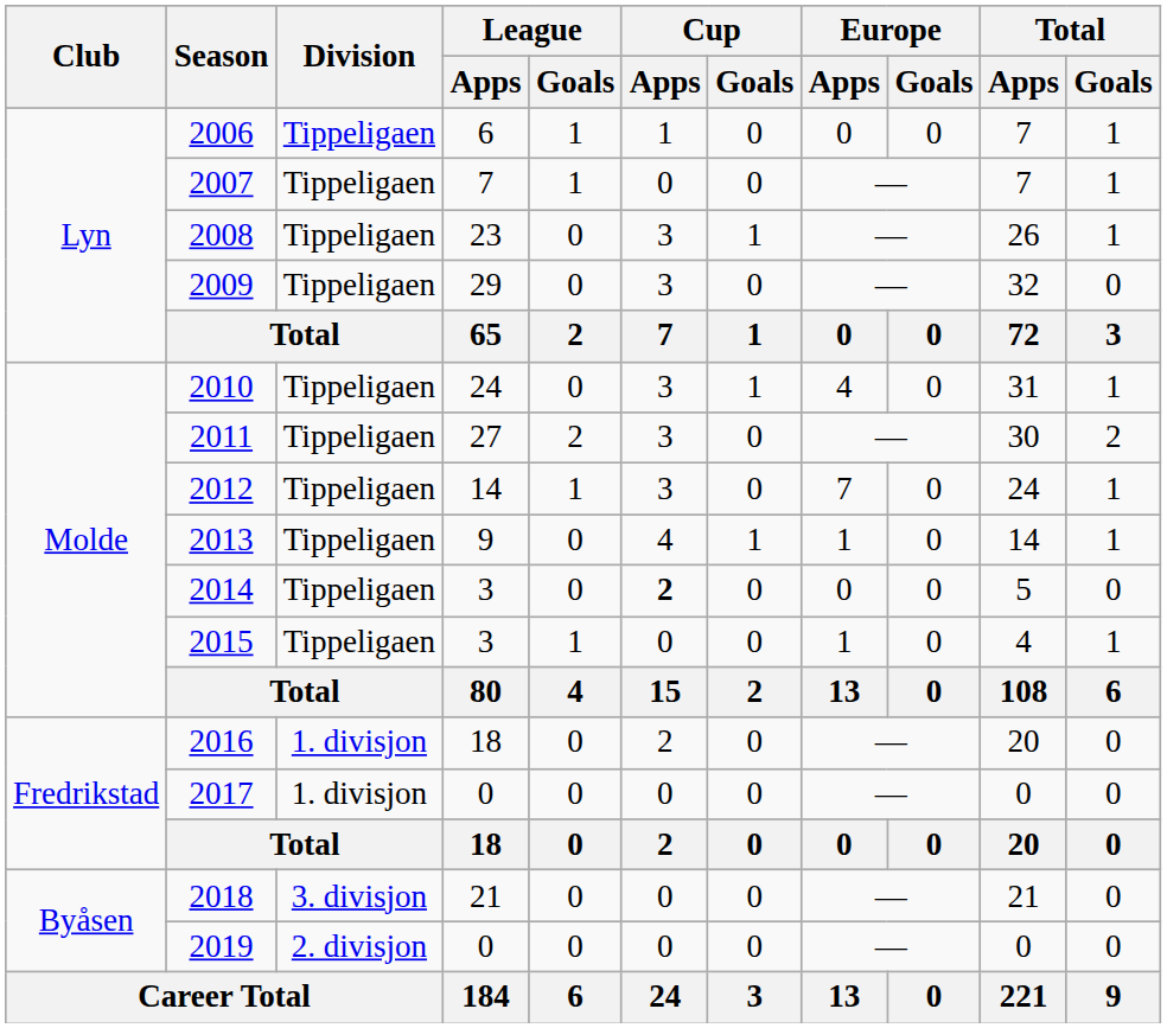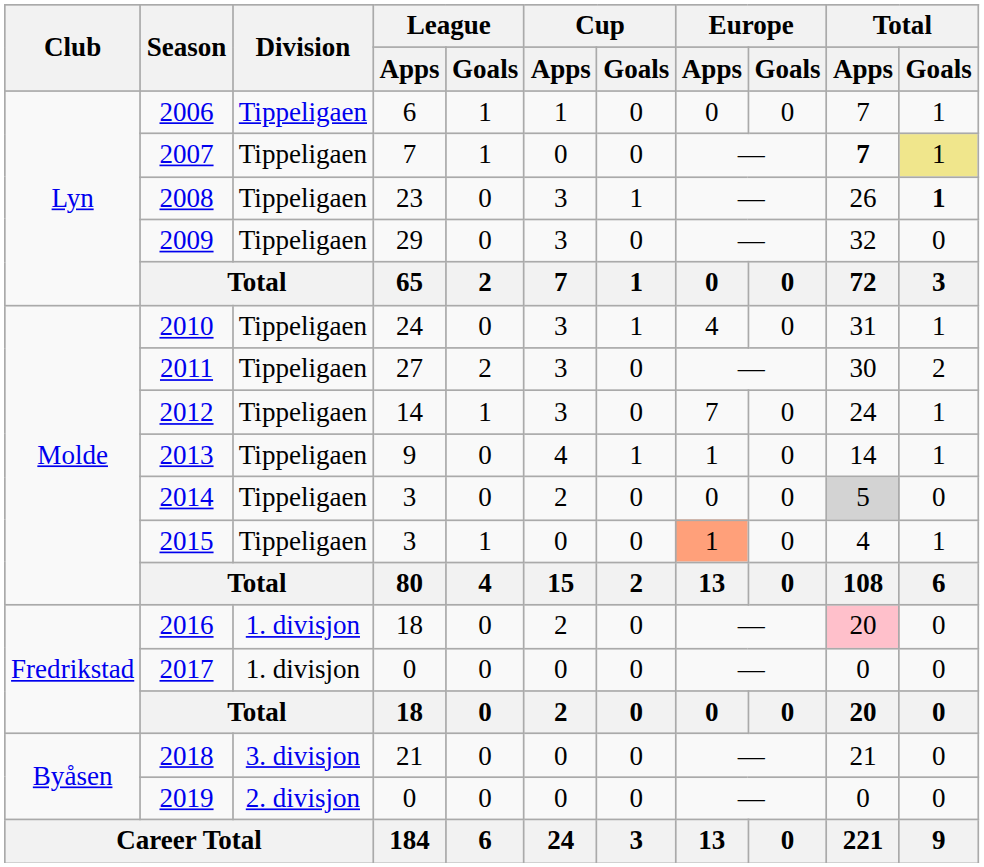 <table class="wikitable" style="text-align: center;">
 <tr>
 <th rowspan="2">Club</th>
 <th rowspan="2">Season</th>
 <th rowspan="2">Division</th>
 <th colspan="2">League</th>
 <th colspan="2">Cup</th>
 <th colspan="2">Europe</th>
 <th colspan="2">Total</th>
 </tr>
 <tr>
 <th>Apps</th>
 <th>Goals</th>
 <th>Apps</th>
 <th>Goals</th>
 <th>Apps</th>
 <th>Goals</th>
 <th>Apps</th>
 <th>Goals</th>
 </tr>
 <tr>
 <td rowspan="5" valign="center"><a href='#'>Lyn</a></td>
 <td><a href='#'>2006</a></td>
 <td><a href='#'>Tippeligaen</a></td>
 <td>6</td>
 <td>1</td>
 <td>1</td>
 <td>0</td>
 <td>0</td>
 <td>0</td>
 <td>7</td>
 <td>1</td>
 </tr>
 <tr>
 <td><a href='#'>2007</a></td>
 <td>Tippeligaen</td>
 <td>7</td>
 <td>1</td>
 <td>0</td>
 <td>0</td>
 <td colspan=2>—</td>
-<td>7</td>
-<td>1</td>
+<td><strong>7</strong></td>
+<td style="background: khaki;">1</td>
 </tr>
 <tr>
 <td><a href='#'>2008</a></td>
 <td>Tippeligaen</td>
 <td>23</td>
 <td>0</td>
 <td>3</td>
 <td>1</td>
 <td colspan=2>—</td>
 <td>26</td>
-<td>1</td>
+<td><strong>1</strong></td>
 </tr>
 <tr>
 <td><a href='#'>2009</a></td>
 <td>Tippeligaen</td>
 <td>29</td>
 <td>0</td>
 <td>3</td>
 <td>0</td>
 <td colspan=2>—</td>
 <td>32</td>
 <td>0</td>
 </tr>
 <tr>
 <th colspan=2>Total</th>
 <th>65</th>
 <th>2</th>
 <th>7</th>
 <th>1</th>
 <th>0</th>
 <th>0</th>
 <th>72</th>
 <th>3</th>
 </tr>
 <tr>
 <td rowspan="7" valign="center"><a href='#'>Molde</a></td>
 <td><a href='#'>2010</a></td>
 <td>Tippeligaen</td>
 <td>24</td>
 <td>0</td>
 <td>3</td>
 <td>1</td>
 <td>4</td>
 <td>0</td>
 <td>31</td>
 <td>1</td>
 </tr>
 <tr>
 <td><a href='#'>2011</a></td>
 <td>Tippeligaen</td>
 <td>27</td>
 <td>2</td>
 <td>3</td>
 <td>0</td>
 <td colspan=2>—</td>
 <td>30</td>
 <td>2</td>
 </tr>
 <tr>
 <td><a href='#'>2012</a></td>
 <td>Tippeligaen</td>
 <td>14</td>
 <td>1</td>
 <td>3</td>
 <td>0</td>
 <td>7</td>
 <td>0</td>
 <td>24</td>
 <td>1</td>
 </tr>
 <tr>
 <td><a href='#'>2013</a></td>
 <td>Tippeligaen</td>
 <td>9</td>
 <td>0</td>
 <td>4</td>
 <td>1</td>
 <td>1</td>
 <td>0</td>
 <td>14</td>
 <td>1</td>
 </tr>
 <tr>
 <td><a href='#'>2014</a></td>
 <td>Tippeligaen</td>
 <td>3</td>
 <td>0</td>
-<td><strong>2</strong></td>
+<td>2</td>
 <td>0</td>
 <td>0</td>
 <td>0</td>
-<td>5</td>
+<td style="background: lightgrey;">5</td>
 <td>0</td>
 </tr>
 <tr>
 <td><a href='#'>2015</a></td>
 <td>Tippeligaen</td>
 <td>3</td>
 <td>1</td>
 <td>0</td>
 <td>0</td>
-<td>1</td>
+<td style="background: lightsalmon;">1</td>
 <td>0</td>
 <td>4</td>
 <td>1</td>
 </tr>
 <tr>
 <th colspan=2>Total</th>
 <th>80</th>
 <th>4</th>
 <th>15</th>
 <th>2</th>
 <th>13</th>
 <th>0</th>
 <th>108</th>
 <th>6</th>
 </tr>
 <tr>
 <td rowspan="3" valign="center"><a href='#'>Fredrikstad</a></td>
 <td><a href='#'>2016</a></td>
 <td><a href='#'>1. divisjon</a></td>
 <td>18</td>
 <td>0</td>
 <td>2</td>
 <td>0</td>
 <td colspan=2>—</td>
-<td>20</td>
+<td style="background: pink;">20</td>
 <td>0</td>
 </tr>
 <tr>
 <td><a href='#'>2017</a></td>
 <td>1. divisjon</td>
 <td>0</td>
 <td>0</td>
 <td>0</td>
 <td>0</td>
 <td colspan=2>—</td>
 <td>0</td>
 <td>0</td>
 </tr>
 <tr>
 <th colspan=2>Total</th>
 <th>18</th>
 <th>0</th>
 <th>2</th>
 <th>0</th>
 <th>0</th>
 <th>0</th>
 <th>20</th>
 <th>0</th>
 </tr>
 <tr>
 <td rowspan="2" valign="center"><a href='#'>Byåsen</a></td>
 <td><a href='#'>2018</a></td>
 <td><a href='#'>3. divisjon</a></td>
 <td>21</td>
 <td>0</td>
 <td>0</td>
 <td>0</td>
 <td colspan=2>—</td>
 <td>21</td>
 <td>0</td>
 </tr>
 <tr>
 <td><a href='#'>2019</a></td>
 <td><a href='#'>2. divisjon</a></td>
 <td>0</td>
 <td>0</td>
 <td>0</td>
 <td>0</td>
 <td colspan=2>—</td>
 <td>0</td>
 <td>0</td>
 </tr>
 <tr>
 <th colspan="3">Career Total</th>
 <th>184</th>
 <th>6</th>
 <th>24</th>
 <th>3</th>
 <th>13</th>
 <th>0</th>
 <th>221</th>
 <th>9</th>
 </tr>
 </table>
